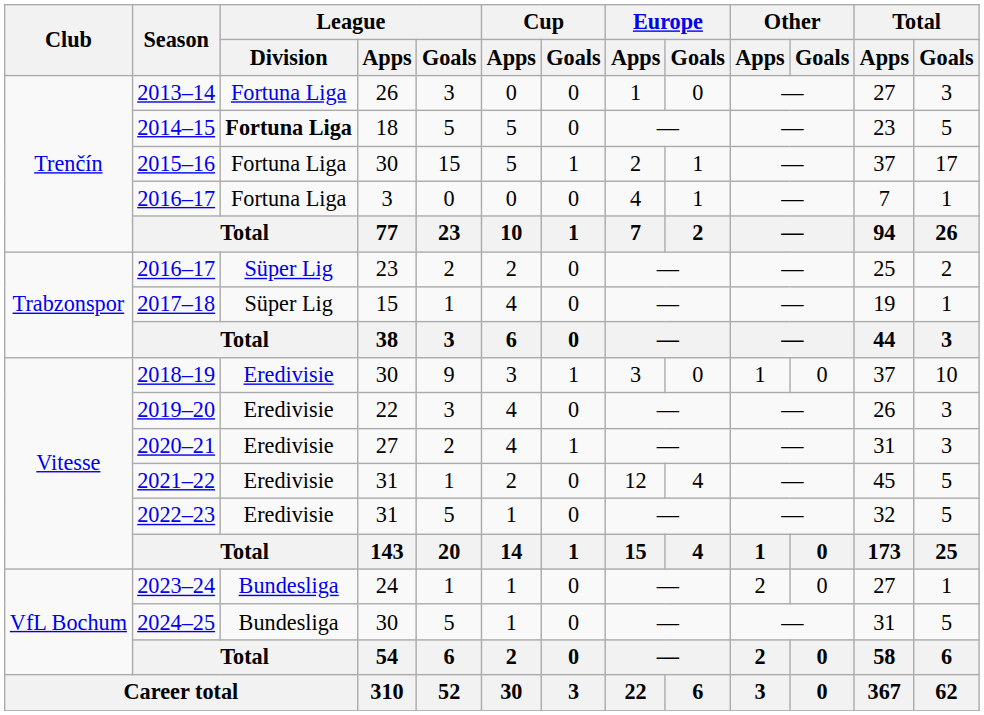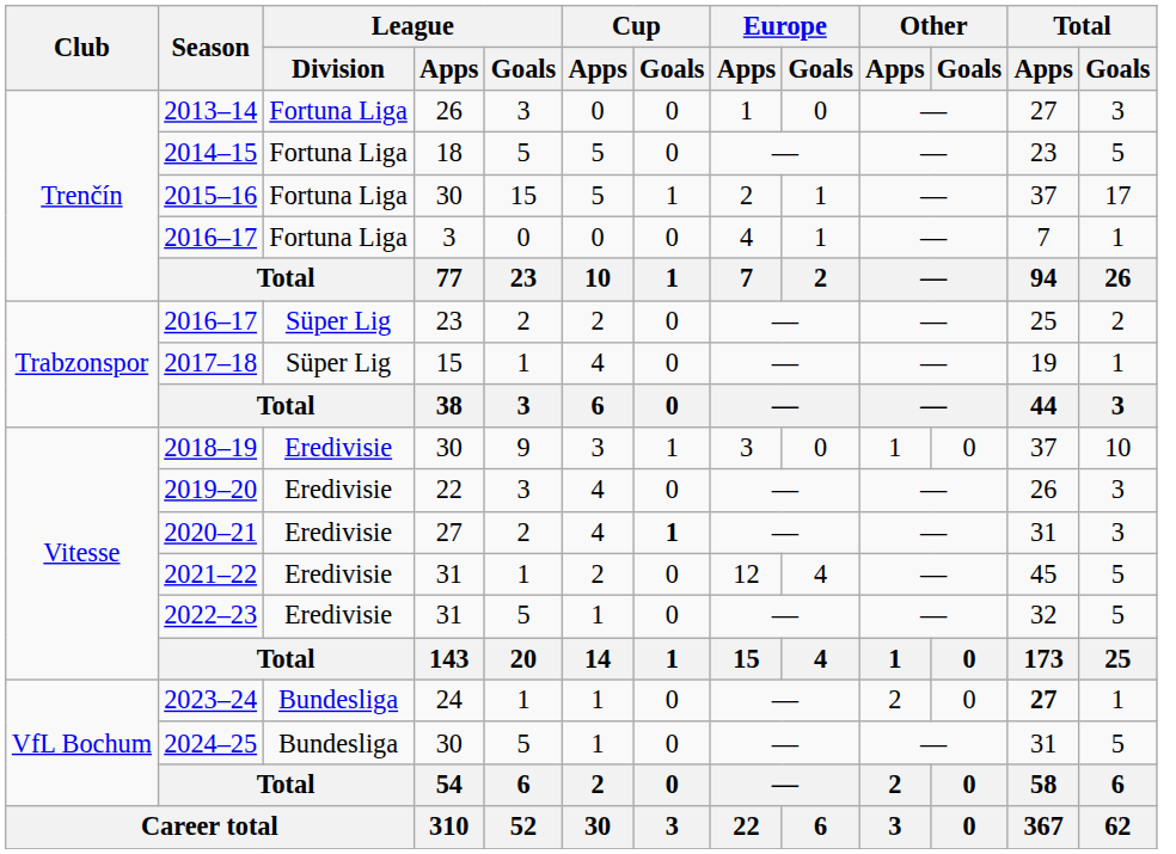 <table class="wikitable" style="text-align:center">
 <tr>
 <th rowspan="2">Club</th>
 <th rowspan="2">Season</th>
 <th colspan="3">League</th>
 <th colspan="2">Cup</th>
 <th colspan="2"><a href='#'>Europe</a></th>
 <th colspan="2">Other</th>
 <th colspan="2">Total</th>
 </tr>
 <tr>
 <th>Division</th>
 <th>Apps</th>
 <th>Goals</th>
 <th>Apps</th>
 <th>Goals</th>
 <th>Apps</th>
 <th>Goals</th>
 <th>Apps</th>
 <th>Goals</th>
 <th>Apps</th>
 <th>Goals</th>
 </tr>
 <tr>
 <td rowspan="5"><a href='#'>Trenčín</a></td>
 <td><a href='#'>2013–14</a></td>
 <td><a href='#'>Fortuna Liga</a></td>
 <td>26</td>
 <td>3</td>
 <td>0</td>
 <td>0</td>
 <td>1</td>
 <td>0</td>
 <td colspan="2">—</td>
 <td>27</td>
 <td>3</td>
 </tr>
 <tr>
 <td><a href='#'>2014–15</a></td>
-<td><strong>Fortuna Liga</strong></td>
+<td>Fortuna Liga</td>
 <td>18</td>
 <td>5</td>
 <td>5</td>
 <td>0</td>
 <td colspan="2">—</td>
 <td colspan="2">—</td>
 <td>23</td>
 <td>5</td>
 </tr>
 <tr>
 <td><a href='#'>2015–16</a></td>
 <td>Fortuna Liga</td>
 <td>30</td>
 <td>15</td>
 <td>5</td>
 <td>1</td>
 <td>2</td>
 <td>1</td>
 <td colspan="2">—</td>
 <td>37</td>
 <td>17</td>
 </tr>
 <tr>
 <td><a href='#'>2016–17</a></td>
 <td>Fortuna Liga</td>
 <td>3</td>
 <td>0</td>
 <td>0</td>
 <td>0</td>
 <td>4</td>
 <td>1</td>
 <td colspan="2">—</td>
 <td>7</td>
 <td>1</td>
 </tr>
 <tr>
 <th colspan="2">Total</th>
 <th>77</th>
 <th>23</th>
 <th>10</th>
 <th>1</th>
 <th>7</th>
 <th>2</th>
 <th colspan="2">—</th>
 <th>94</th>
 <th>26</th>
 </tr>
 <tr>
 <td rowspan="3"><a href='#'>Trabzonspor</a></td>
 <td><a href='#'>2016–17</a></td>
 <td><a href='#'>Süper Lig</a></td>
 <td>23</td>
 <td>2</td>
 <td>2</td>
 <td>0</td>
 <td colspan="2">—</td>
 <td colspan="2">—</td>
 <td>25</td>
 <td>2</td>
 </tr>
 <tr>
 <td><a href='#'>2017–18</a></td>
 <td>Süper Lig</td>
 <td>15</td>
 <td>1</td>
 <td>4</td>
 <td>0</td>
 <td colspan="2">—</td>
 <td colspan="2">—</td>
 <td>19</td>
 <td>1</td>
 </tr>
 <tr>
 <th colspan="2">Total</th>
 <th>38</th>
 <th>3</th>
 <th>6</th>
 <th>0</th>
 <th colspan="2">—</th>
 <th colspan="2">—</th>
 <th>44</th>
 <th>3</th>
 </tr>
 <tr>
 <td rowspan="6"><a href='#'>Vitesse</a></td>
 <td><a href='#'>2018–19</a></td>
 <td><a href='#'>Eredivisie</a></td>
 <td>30</td>
 <td>9</td>
 <td>3</td>
 <td>1</td>
 <td>3</td>
 <td>0</td>
 <td>1</td>
 <td>0</td>
 <td>37</td>
 <td>10</td>
 </tr>
 <tr>
 <td><a href='#'>2019–20</a></td>
 <td>Eredivisie</td>
 <td>22</td>
 <td>3</td>
 <td>4</td>
 <td>0</td>
 <td colspan="2">—</td>
 <td colspan="2">—</td>
 <td>26</td>
 <td>3</td>
 </tr>
 <tr>
 <td><a href='#'>2020–21</a></td>
 <td>Eredivisie</td>
 <td>27</td>
 <td>2</td>
 <td>4</td>
-<td>1</td>
+<td><strong>1</strong></td>
 <td colspan="2">—</td>
 <td colspan="2">—</td>
 <td>31</td>
 <td>3</td>
 </tr>
 <tr>
 <td><a href='#'>2021–22</a></td>
 <td>Eredivisie</td>
 <td>31</td>
 <td>1</td>
 <td>2</td>
 <td>0</td>
 <td>12</td>
 <td>4</td>
 <td colspan="2">—</td>
 <td>45</td>
 <td>5</td>
 </tr>
 <tr>
 <td><a href='#'>2022–23</a></td>
 <td>Eredivisie</td>
 <td>31</td>
 <td>5</td>
 <td>1</td>
 <td>0</td>
 <td colspan="2">—</td>
 <td colspan="2">—</td>
 <td>32</td>
 <td>5</td>
 </tr>
 <tr>
 <th colspan="2">Total</th>
 <th>143</th>
 <th>20</th>
 <th>14</th>
 <th>1</th>
 <th>15</th>
 <th>4</th>
 <th>1</th>
 <th>0</th>
 <th>173</th>
 <th>25</th>
 </tr>
 <tr>
 <td rowspan="3"><a href='#'>VfL Bochum</a></td>
 <td><a href='#'>2023–24</a></td>
 <td><a href='#'>Bundesliga</a></td>
 <td>24</td>
 <td>1</td>
 <td>1</td>
 <td>0</td>
 <td colspan="2">—</td>
 <td>2</td>
 <td>0</td>
-<td>27</td>
+<td><strong>27</strong></td>
 <td>1</td>
 </tr>
 <tr>
 <td><a href='#'>2024–25</a></td>
 <td>Bundesliga</td>
 <td>30</td>
 <td>5</td>
 <td>1</td>
 <td>0</td>
 <td colspan="2">—</td>
 <td colspan="2">—</td>
 <td>31</td>
 <td>5</td>
 </tr>
 <tr>
 <th colspan="2">Total</th>
 <th>54</th>
 <th>6</th>
 <th>2</th>
 <th>0</th>
 <th colspan="2">—</th>
 <th>2</th>
 <th>0</th>
 <th>58</th>
 <th>6</th>
 </tr>
 <tr>
 <th colspan="3">Career total</th>
 <th>310</th>
 <th>52</th>
 <th>30</th>
 <th>3</th>
 <th>22</th>
 <th>6</th>
 <th>3</th>
 <th>0</th>
 <th>367</th>
 <th>62</th>
 </tr>
 </table>
